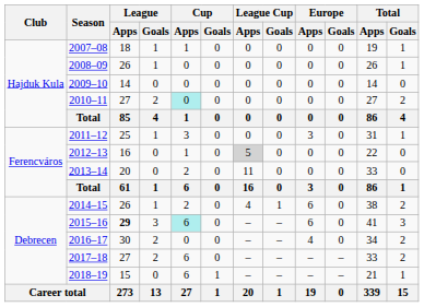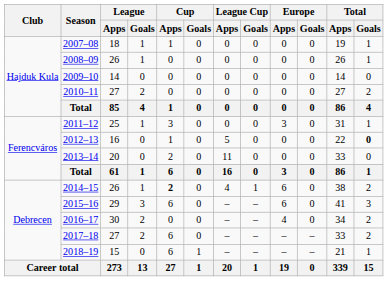 <table class="wikitable" style="text-align:center">
 <tr>
 <th rowspan="2">Club</th>
 <th rowspan="2">Season</th>
 <th colspan="2">League</th>
 <th colspan="2">Cup</th>
 <th colspan="2">League Cup</th>
 <th colspan="2">Europe</th>
 <th colspan="2">Total</th>
 </tr>
 <tr>
 <th>Apps</th>
 <th>Goals</th>
 <th>Apps</th>
 <th>Goals</th>
 <th>Apps</th>
 <th>Goals</th>
 <th>Apps</th>
 <th>Goals</th>
 <th>Apps</th>
 <th>Goals</th>
 </tr>
 <tr>
 <td rowspan="5"><a href='#'>Hajduk Kula</a></td>
 <td><a href='#'>2007–08</a></td>
 <td>18</td>
 <td>1</td>
 <td>1</td>
 <td>0</td>
 <td>0</td>
 <td>0</td>
 <td>0</td>
 <td>0</td>
 <td>19</td>
 <td>1</td>
 </tr>
 <tr>
 <td><a href='#'>2008–09</a></td>
 <td>26</td>
 <td>1</td>
 <td>0</td>
 <td>0</td>
 <td>0</td>
 <td>0</td>
 <td>0</td>
 <td>0</td>
 <td>26</td>
 <td>1</td>
 </tr>
 <tr>
 <td><a href='#'>2009–10</a></td>
 <td>14</td>
 <td>0</td>
 <td>0</td>
 <td>0</td>
 <td>0</td>
 <td>0</td>
 <td>0</td>
 <td>0</td>
 <td>14</td>
 <td>0</td>
 </tr>
 <tr>
 <td><a href='#'>2010–11</a></td>
 <td>27</td>
 <td>2</td>
-<td style="background: paleturquoise;">0</td>
+<td>0</td>
 <td>0</td>
 <td>0</td>
 <td>0</td>
 <td>0</td>
 <td>0</td>
 <td>27</td>
 <td>2</td>
 </tr>
 <tr>
 <th>Total</th>
 <th>85</th>
 <th>4</th>
 <th>1</th>
 <th>0</th>
 <th>0</th>
 <th>0</th>
 <th>0</th>
 <th>0</th>
 <th>86</th>
 <th>4</th>
 </tr>
 <tr>
 <td rowspan="4"><a href='#'>Ferencváros</a></td>
 <td><a href='#'>2011–12</a></td>
 <td>25</td>
 <td>1</td>
 <td>3</td>
 <td>0</td>
 <td>0</td>
 <td>0</td>
 <td>3</td>
 <td>0</td>
 <td>31</td>
 <td>1</td>
 </tr>
 <tr>
 <td><a href='#'>2012–13</a></td>
 <td>16</td>
 <td>0</td>
 <td>1</td>
 <td>0</td>
-<td style="background: lightgrey;">5</td>
+<td>5</td>
 <td>0</td>
 <td>0</td>
 <td>0</td>
 <td>22</td>
-<td>0</td>
+<td><strong>0</strong></td>
 </tr>
 <tr>
 <td><a href='#'>2013–14</a></td>
 <td>20</td>
 <td>0</td>
 <td>2</td>
 <td>0</td>
 <td>11</td>
 <td>0</td>
 <td>0</td>
 <td>0</td>
 <td>33</td>
 <td>0</td>
 </tr>
 <tr>
 <th>Total</th>
 <th>61</th>
 <th>1</th>
 <th>6</th>
 <th>0</th>
 <th>16</th>
 <th>0</th>
 <th>3</th>
 <th>0</th>
 <th>86</th>
 <th>1</th>
 </tr>
 <tr>
 <td rowspan="5"><a href='#'>Debrecen</a></td>
 <td><a href='#'>2014–15</a></td>
 <td>26</td>
 <td>1</td>
-<td>2</td>
+<td><strong>2</strong></td>
 <td>0</td>
 <td>4</td>
 <td>1</td>
 <td>6</td>
 <td>0</td>
 <td>38</td>
 <td>2</td>
 </tr>
 <tr>
 <td><a href='#'>2015–16</a></td>
-<td><strong>29</strong></td>
+<td>29</td>
 <td>3</td>
-<td style="background: paleturquoise;">6</td>
+<td>6</td>
 <td>0</td>
 <td>–</td>
 <td>–</td>
 <td>6</td>
 <td>0</td>
 <td>41</td>
 <td>3</td>
 </tr>
 <tr>
 <td><a href='#'>2016–17</a></td>
 <td>30</td>
 <td>2</td>
 <td>0</td>
 <td>0</td>
 <td>–</td>
 <td>–</td>
 <td>4</td>
 <td>0</td>
 <td>34</td>
 <td>2</td>
 </tr>
 <tr>
 <td><a href='#'>2017–18</a></td>
 <td>27</td>
 <td>2</td>
 <td>6</td>
 <td>0</td>
 <td>–</td>
 <td>–</td>
 <td>–</td>
 <td>–</td>
 <td>33</td>
 <td>2</td>
 </tr>
 <tr>
 <td><a href='#'>2018–19</a></td>
 <td>15</td>
 <td>0</td>
 <td>6</td>
 <td>1</td>
 <td>–</td>
 <td>–</td>
 <td>–</td>
 <td>–</td>
 <td>21</td>
 <td>1</td>
 </tr>
 <tr>
 <th colspan="2">Career total</th>
 <th>273</th>
 <th>13</th>
 <th>27</th>
 <th>1</th>
 <th>20</th>
 <th>1</th>
 <th>19</th>
 <th>0</th>
 <th>339</th>
 <th>15</th>
 </tr>
 </table>
